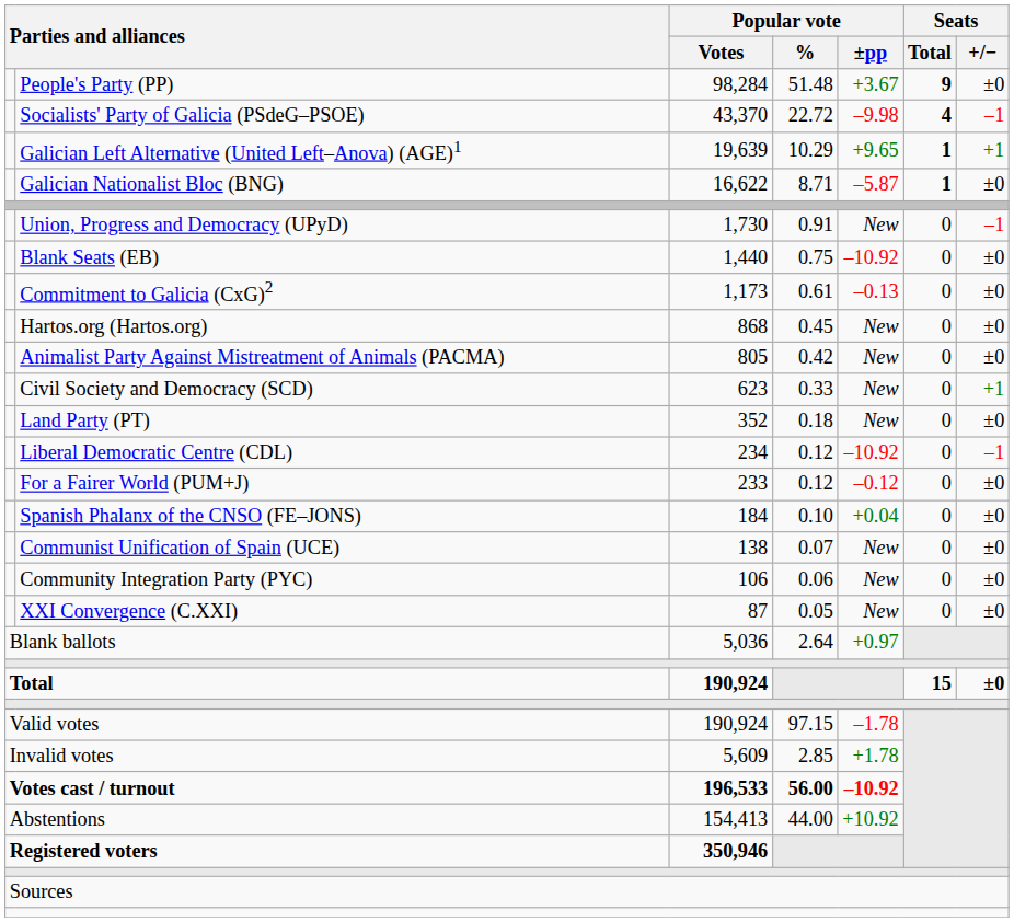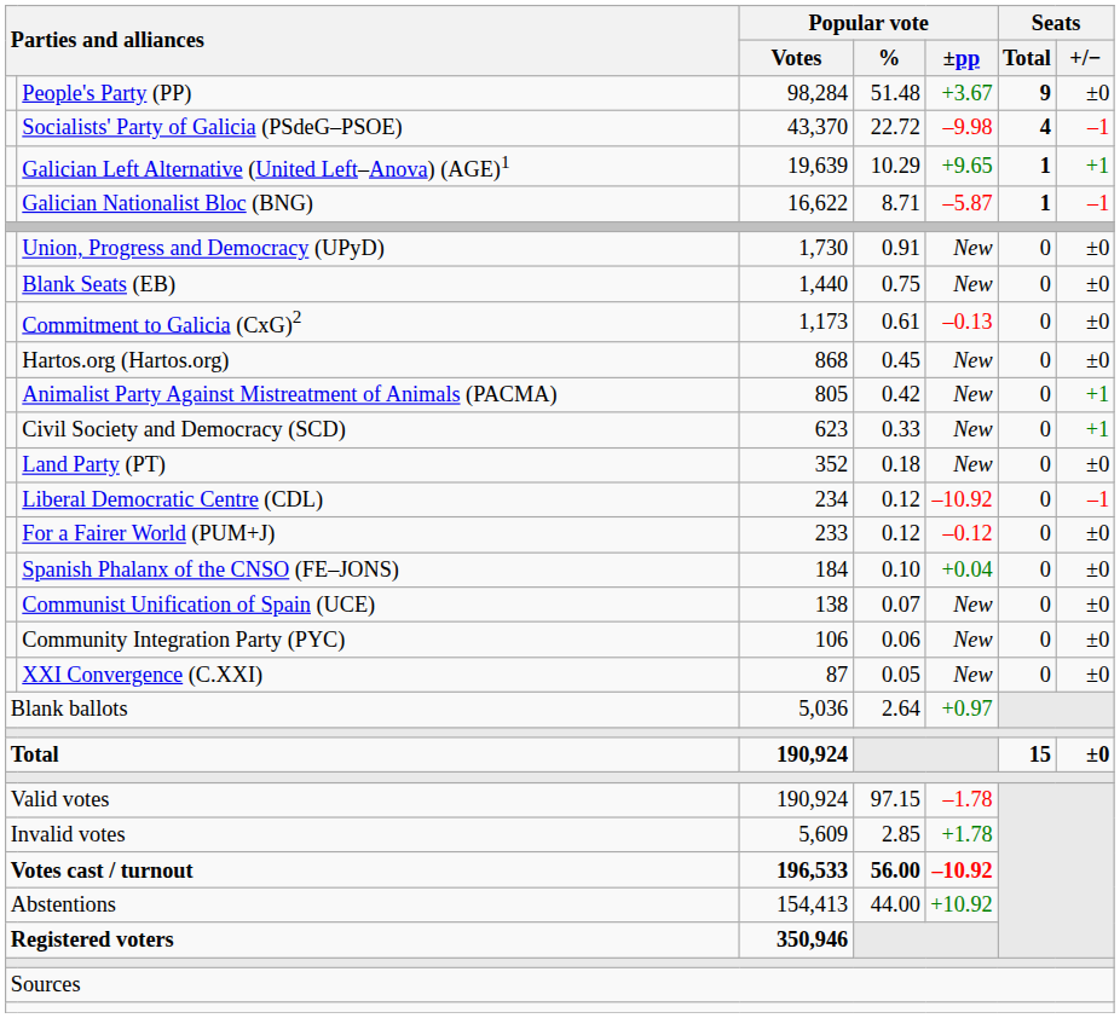 <table class="wikitable" style="text-align:right;">
 <tr>
 <th style="text-align:left;" rowspan="2" colspan="2" width="525">Parties and alliances</th>
 <th colspan="3">Popular vote</th>
 <th colspan="2">Seats</th>
 </tr>
 <tr>
 <th width="75">Votes</th>
 <th width="45">%</th>
 <th width="45">±<a href='#'>pp</a></th>
 <th width="35">Total</th>
 <th width="35">+/−</th>
 </tr>
 <tr>
 <td width="1" style="color:inherit;background:"></td>
 <td align="left"><a href='#'>People's Party</a> (PP)</td>
 <td>98,284</td>
 <td>51.48</td>
 <td style="color:green;">+3.67</td>
 <td><strong>9</strong></td>
 <td>±0</td>
 </tr>
 <tr>
 <td style="color:inherit;background:"></td>
 <td align="left"><a href='#'>Socialists' Party of Galicia</a> (PSdeG–PSOE)</td>
 <td>43,370</td>
 <td>22.72</td>
 <td style="color:red;">–9.98</td>
 <td><strong>4</strong></td>
 <td style="color:red;">–1</td>
 </tr>
 <tr>
 <td style="color:inherit;background:"></td>
 <td align="left"><a href='#'>Galician Left Alternative</a> (<a href='#'>United Left</a>–<a href='#'>Anova</a>) (AGE)<sup>1</sup></td>
 <td>19,639</td>
 <td>10.29</td>
 <td style="color:green;">+9.65</td>
 <td><strong>1</strong></td>
 <td style="color:green;">+1</td>
 </tr>
 <tr>
 <td style="color:inherit;background:"></td>
 <td align="left"><a href='#'>Galician Nationalist Bloc</a> (BNG)</td>
 <td>16,622</td>
 <td>8.71</td>
 <td style="color:red;">–5.87</td>
 <td><strong>1</strong></td>
-<td>±0</td>
+<td style="color:red;">–1</td>
 </tr>
 <tr>
 <td colspan="7" bgcolor="#C0C0C0"></td>
 </tr>
 <tr>
 <td style="color:inherit;background:"></td>
 <td align="left"><a href='#'>Union, Progress and Democracy</a> (UPyD)</td>
 <td>1,730</td>
 <td>0.91</td>
 <td><em>New</em></td>
 <td>0</td>
-<td style="color:red;">–1</td>
+<td>±0</td>
 </tr>
 <tr>
 <td style="color:inherit;background:"></td>
 <td align="left"><a href='#'>Blank Seats</a> (EB)</td>
 <td>1,440</td>
 <td>0.75</td>
-<td style="color:red;">–10.92</td>
+<td><em>New</em></td>
 <td>0</td>
 <td>±0</td>
 </tr>
 <tr>
 <td style="color:inherit;background:"></td>
 <td align="left"><a href='#'>Commitment to Galicia</a> (CxG)<sup>2</sup></td>
 <td>1,173</td>
 <td>0.61</td>
 <td style="color:red;">–0.13</td>
 <td>0</td>
 <td>±0</td>
 </tr>
 <tr>
 <td style="color:inherit;background:"></td>
 <td align="left">Hartos.org (Hartos.org)</td>
 <td>868</td>
 <td>0.45</td>
 <td><em>New</em></td>
 <td>0</td>
 <td>±0</td>
 </tr>
 <tr>
 <td style="color:inherit;background:"></td>
 <td align="left"><a href='#'>Animalist Party Against Mistreatment of Animals</a> (PACMA)</td>
 <td>805</td>
 <td>0.42</td>
 <td><em>New</em></td>
 <td>0</td>
-<td>±0</td>
+<td style="color:green;">+1</td>
 </tr>
 <tr>
 <td style="color:inherit;background:"></td>
 <td align="left">Civil Society and Democracy (SCD)</td>
 <td>623</td>
 <td>0.33</td>
 <td><em>New</em></td>
 <td>0</td>
 <td style="color:green;">+1</td>
 </tr>
 <tr>
 <td style="color:inherit;background:"></td>
 <td align="left"><a href='#'>Land Party</a> (PT)</td>
 <td>352</td>
 <td>0.18</td>
 <td><em>New</em></td>
 <td>0</td>
 <td>±0</td>
 </tr>
 <tr>
 <td style="color:inherit;background:"></td>
 <td align="left"><a href='#'>Liberal Democratic Centre</a> (CDL)</td>
 <td>234</td>
 <td>0.12</td>
 <td style="color:red;">–10.92</td>
 <td>0</td>
 <td style="color:red;">–1</td>
 </tr>
 <tr>
 <td style="color:inherit;background:"></td>
 <td align="left"><a href='#'>For a Fairer World</a> (PUM+J)</td>
 <td>233</td>
 <td>0.12</td>
 <td style="color:red;">–0.12</td>
 <td>0</td>
 <td>±0</td>
 </tr>
 <tr>
 <td style="color:inherit;background:"></td>
 <td align="left"><a href='#'>Spanish Phalanx of the CNSO</a> (FE–JONS)</td>
 <td>184</td>
 <td>0.10</td>
 <td style="color:green;">+0.04</td>
 <td>0</td>
 <td>±0</td>
 </tr>
 <tr>
 <td style="color:inherit;background:"></td>
 <td align="left"><a href='#'>Communist Unification of Spain</a> (UCE)</td>
 <td>138</td>
 <td>0.07</td>
 <td><em>New</em></td>
 <td>0</td>
 <td>±0</td>
 </tr>
 <tr>
 <td style="color:inherit;background:"></td>
 <td align="left">Community Integration Party (PYC)</td>
 <td>106</td>
 <td>0.06</td>
 <td><em>New</em></td>
 <td>0</td>
 <td>±0</td>
 </tr>
 <tr>
 <td style="color:inherit;background:"></td>
 <td align="left"><a href='#'>XXI Convergence</a> (C.XXI)</td>
 <td>87</td>
 <td>0.05</td>
 <td><em>New</em></td>
 <td>0</td>
 <td>±0</td>
 </tr>
 <tr>
 <td align="left" colspan="2">Blank ballots</td>
 <td>5,036</td>
 <td>2.64</td>
 <td style="color:green;">+0.97</td>
 <td bgcolor="#E9E9E9" colspan="2"></td>
 </tr>
 <tr>
 <td colspan="7" bgcolor="#E9E9E9"></td>
 </tr>
 <tr style="font-weight:bold;">
 <td align="left" colspan="2">Total</td>
 <td>190,924</td>
 <td bgcolor="#E9E9E9" colspan="2"></td>
 <td>15</td>
 <td>±0</td>
 </tr>
 <tr>
 <td colspan="7" bgcolor="#E9E9E9"></td>
 </tr>
 <tr>
 <td align="left" colspan="2">Valid votes</td>
 <td>190,924</td>
 <td>97.15</td>
 <td style="color:red;">–1.78</td>
 <td bgcolor="#E9E9E9" colspan="2" rowspan="5"></td>
 </tr>
 <tr>
 <td align="left" colspan="2">Invalid votes</td>
 <td>5,609</td>
 <td>2.85</td>
 <td style="color:green;">+1.78</td>
 </tr>
 <tr style="font-weight:bold;">
 <td align="left" colspan="2">Votes cast / turnout</td>
 <td>196,533</td>
 <td>56.00</td>
 <td style="color:red;">–10.92</td>
 </tr>
 <tr>
 <td align="left" colspan="2">Abstentions</td>
 <td>154,413</td>
 <td>44.00</td>
 <td style="color:green;">+10.92</td>
 </tr>
 <tr style="font-weight:bold;">
 <td align="left" colspan="2">Registered voters</td>
 <td>350,946</td>
 <td bgcolor="#E9E9E9" colspan="2"></td>
 </tr>
 <tr>
 <td colspan="7" bgcolor="#E9E9E9"></td>
 </tr>
 <tr>
 <td align="left" colspan="7">Sources</td>
 </tr>
 <tr>
 <td colspan="7" style="text-align:left; max-width:790px;"></td>
 </tr>
 </table>
